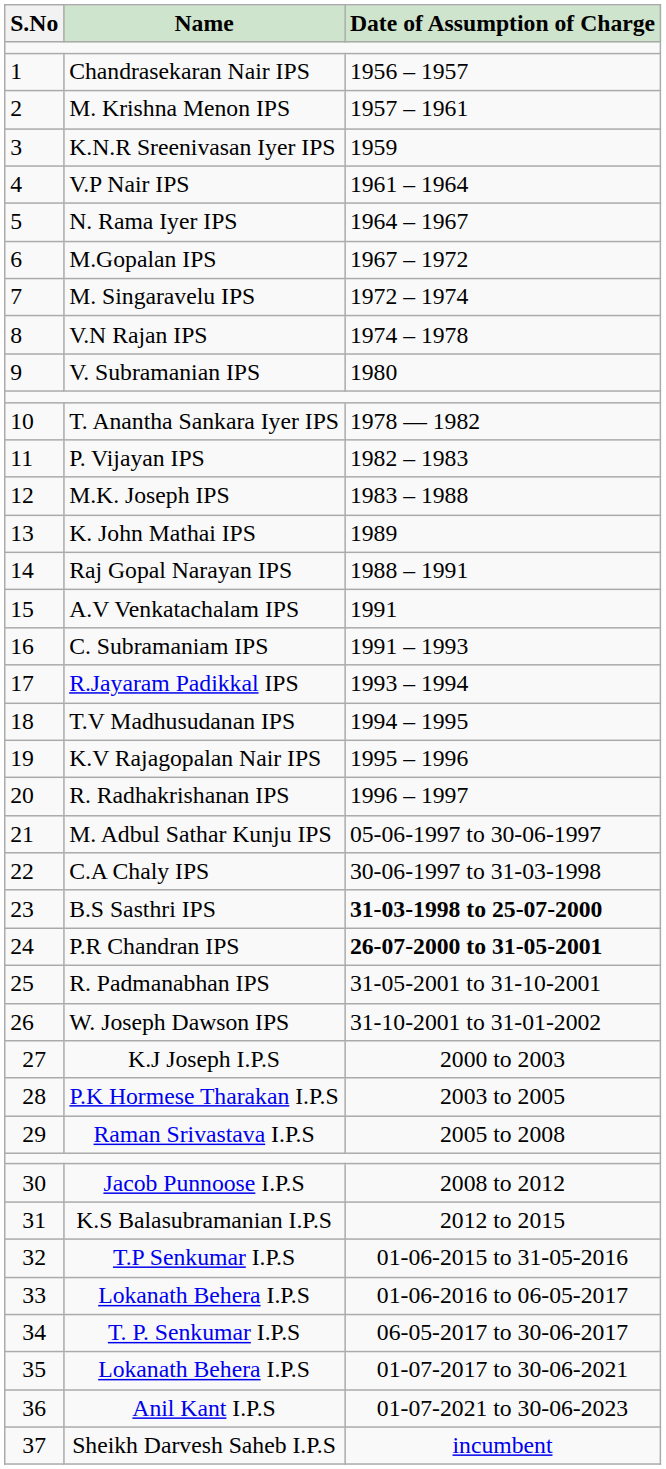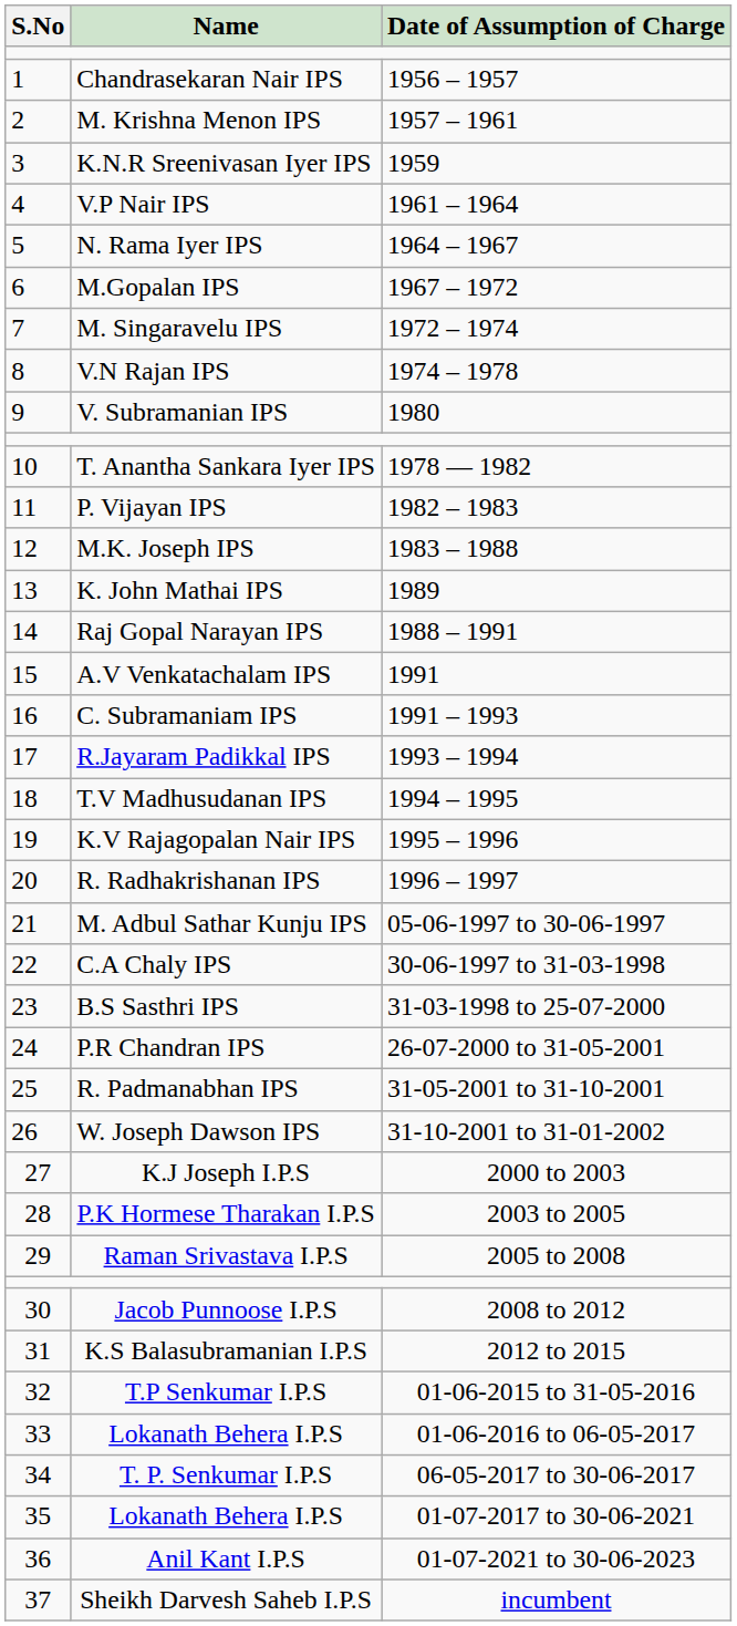 <table class="wikitable">
 <tr>
 <th bgcolor="#cfe4cd" align="center"><span> <strong> S.No</strong></span></th>
 <td bgcolor="#cfe4cd" align="center"><span> <strong> Name</strong></span></td>
 <td bgcolor="#cfe4cd" align="center"><span> <strong> Date of Assumption of Charge</strong></span></td>
 </tr>
 <tr>
 <td colspan="3"></td>
 </tr>
 <tr>
 <td>1</td>
 <td>Chandrasekaran Nair IPS</td>
 <td>1956 – 1957</td>
 </tr>
 <tr>
 <td>2</td>
 <td>M. Krishna Menon IPS</td>
 <td>1957 – 1961</td>
 </tr>
 <tr>
 <td>3</td>
 <td>K.N.R Sreenivasan Iyer IPS</td>
 <td>1959</td>
 </tr>
 <tr>
 <td>4</td>
 <td>V.P Nair IPS</td>
 <td>1961 – 1964</td>
 </tr>
 <tr>
 <td>5</td>
 <td>N. Rama Iyer IPS</td>
 <td>1964 – 1967</td>
 </tr>
 <tr>
 <td>6</td>
 <td>M.Gopalan IPS</td>
 <td>1967 – 1972</td>
 </tr>
 <tr>
 <td>7</td>
 <td>M. Singaravelu IPS</td>
 <td>1972 – 1974</td>
 </tr>
 <tr>
 <td>8</td>
 <td>V.N Rajan IPS</td>
 <td>1974 – 1978</td>
 </tr>
 <tr>
 <td>9</td>
 <td>V. Subramanian IPS</td>
 <td>1980</td>
 </tr>
 <tr>
 <td colspan="3"></td>
 </tr>
 <tr>
 <td>10</td>
 <td>T. Anantha Sankara Iyer IPS</td>
 <td>1978 — 1982</td>
 </tr>
 <tr>
 <td>11</td>
 <td>P. Vijayan IPS</td>
 <td>1982 – 1983</td>
 </tr>
 <tr>
 <td>12</td>
 <td>M.K. Joseph IPS</td>
 <td>1983 – 1988</td>
 </tr>
 <tr>
 <td>13</td>
 <td>K. John Mathai IPS</td>
 <td>1989</td>
 </tr>
 <tr>
 <td>14</td>
 <td>Raj Gopal Narayan IPS</td>
 <td>1988 – 1991</td>
 </tr>
 <tr>
 <td>15</td>
 <td>A.V Venkatachalam IPS</td>
 <td>1991</td>
 </tr>
 <tr>
 <td>16</td>
 <td>C. Subramaniam IPS</td>
 <td>1991 – 1993</td>
 </tr>
 <tr>
 <td>17</td>
 <td><a href='#'>R.Jayaram Padikkal</a> IPS</td>
 <td>1993 – 1994</td>
 </tr>
 <tr>
 <td>18</td>
 <td>T.V Madhusudanan IPS</td>
 <td>1994 – 1995</td>
 </tr>
 <tr>
 <td>19</td>
 <td>K.V Rajagopalan Nair IPS</td>
 <td>1995 – 1996</td>
 </tr>
 <tr>
 <td>20</td>
 <td>R. Radhakrishanan IPS</td>
 <td>1996 – 1997</td>
 </tr>
 <tr>
 <td>21</td>
 <td>M. Adbul Sathar Kunju IPS</td>
 <td>05-06-1997 to 30-06-1997</td>
 </tr>
 <tr>
 <td>22</td>
 <td>C.A Chaly IPS</td>
 <td>30-06-1997 to 31-03-1998</td>
 </tr>
 <tr>
 <td>23</td>
 <td>B.S Sasthri IPS</td>
-<td><strong>31-03-1998 to 25-07-2000</strong></td>
+<td>31-03-1998 to 25-07-2000</td>
 </tr>
 <tr>
 <td>24</td>
 <td>P.R Chandran IPS</td>
-<td><strong>26-07-2000 to 31-05-2001</strong></td>
+<td>26-07-2000 to 31-05-2001</td>
 </tr>
 <tr>
 <td>25</td>
 <td>R. Padmanabhan IPS</td>
 <td>31-05-2001 to 31-10-2001</td>
 </tr>
 <tr>
 <td>26</td>
 <td>W. Joseph Dawson IPS</td>
 <td>31-10-2001 to 31-01-2002</td>
 </tr>
 <tr>
 <td align="center">27</td>
 <td align="center">K.J Joseph I.P.S</td>
 <td align="center">2000 to 2003</td>
 </tr>
 <tr>
 <td align="center">28</td>
 <td align="center"><a href='#'>P.K Hormese Tharakan</a> I.P.S</td>
 <td align="center">2003 to 2005</td>
 </tr>
 <tr>
 <td align="center">29</td>
 <td align="center"><a href='#'>Raman Srivastava</a> I.P.S</td>
 <td align="center">2005 to 2008</td>
 </tr>
 <tr>
 <td colspan="3"></td>
 </tr>
 <tr>
 <td align="center">30</td>
 <td align="center"><a href='#'>Jacob Punnoose</a> I.P.S</td>
 <td align="center">2008 to 2012</td>
 </tr>
 <tr>
 <td align="center">31</td>
 <td align="center">K.S Balasubramanian I.P.S</td>
 <td align="center">2012 to 2015</td>
 </tr>
 <tr>
 <td align="center">32</td>
 <td align="center"><a href='#'>T.P Senkumar</a> I.P.S</td>
 <td align="center">01-06-2015 to 31-05-2016</td>
 </tr>
 <tr>
 <td align="center">33</td>
 <td align="center"><a href='#'>Lokanath Behera</a> I.P.S</td>
 <td align="center">01-06-2016 to 06-05-2017</td>
 </tr>
 <tr>
 <td align="center">34</td>
 <td align="center"><a href='#'>T. P. Senkumar</a> I.P.S</td>
 <td align="center">06-05-2017 to 30-06-2017</td>
 </tr>
 <tr>
 <td align="center">35</td>
 <td align="center"><a href='#'>Lokanath Behera</a> I.P.S</td>
 <td align="center">01-07-2017 to 30-06-2021</td>
 </tr>
 <tr>
 <td align="center">36</td>
 <td align="center"><a href='#'>Anil Kant</a> I.P.S</td>
 <td align="center">01-07-2021 to 30-06-2023</td>
 </tr>
 <tr>
 <td align="center">37</td>
 <td align="center">Sheikh Darvesh Saheb I.P.S</td>
 <td align="center"><a href='#'>incumbent</a></td>
 </tr>
 </table>
